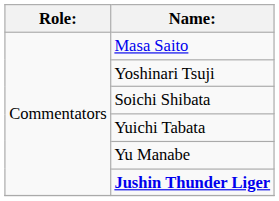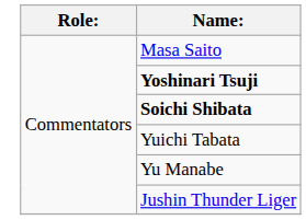 <table class=wikitable style="font-size:90%; margin: 0.5em 0 0.5em 1em; float: right; clear: right;">
 <tr>
 <th>Role:</th>
 <th>Name:</th>
 </tr>
 <tr>
 <td rowspan=6>Commentators</td>
 <td><a href='#'>Masa Saito</a></td>
 </tr>
 <tr>
-<td>Yoshinari Tsuji</td>
+<td><strong>Yoshinari Tsuji</strong></td>
 </tr>
 <tr>
-<td>Soichi Shibata</td>
+<td><strong>Soichi Shibata</strong></td>
 </tr>
 <tr>
 <td>Yuichi Tabata</td>
 </tr>
 <tr>
 <td>Yu Manabe</td>
 </tr>
 <tr>
-<td><strong><a href='#'>Jushin Thunder Liger</a></strong></td>
+<td><a href='#'>Jushin Thunder Liger</a></td>
 </tr>
 <tr>
 </tr>
 </table>
